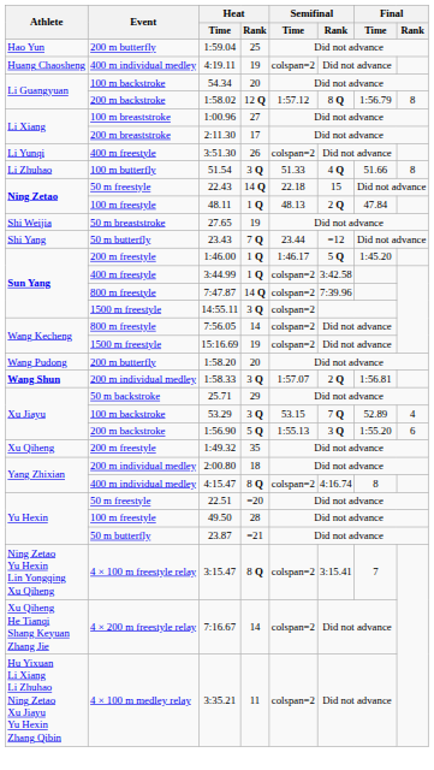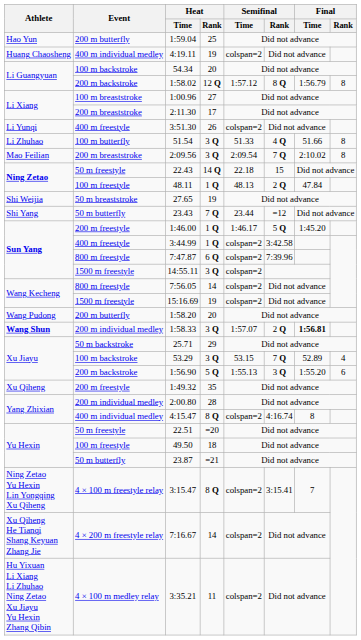 <table class=wikitable style="font-size:90%">
 <tr>
 <th rowspan="2">Athlete</th>
 <th rowspan="2">Event</th>
 <th colspan="2">Heat</th>
 <th colspan="2">Semifinal</th>
 <th colspan="2">Final</th>
 </tr>
 <tr style="font-size:95%">
 <th>Time</th>
 <th>Rank</th>
 <th>Time</th>
 <th>Rank</th>
 <th>Time</th>
 <th>Rank</th>
 </tr>
 <tr align=center>
 <td align=left><a href='#'>Hao Yun</a></td>
 <td align=left><a href='#'>200 m butterfly</a></td>
 <td>1:59.04</td>
 <td>25</td>
 <td colspan=4>Did not advance</td>
 </tr>
 <tr align=center>
 <td align=left><a href='#'>Huang Chaosheng</a></td>
 <td align=left><a href='#'>400 m individual medley</a></td>
 <td>4:19.11</td>
 <td>19</td>
 <td>colspan=2 </td>
 <td colspan=2>Did not advance</td>
 </tr>
 <tr align=center>
 <td align=left rowspan=2><a href='#'>Li Guangyuan</a></td>
 <td align=left><a href='#'>100 m backstroke</a></td>
 <td>54.34</td>
 <td>20</td>
 <td colspan=4>Did not advance</td>
 </tr>
 <tr align=center>
 <td align=left><a href='#'>200 m backstroke</a></td>
 <td>1:58.02</td>
 <td>12 <strong>Q</strong></td>
 <td>1:57.12</td>
 <td>8 <strong>Q</strong></td>
 <td>1:56.79</td>
 <td>8</td>
 </tr>
 <tr align=center>
 <td align=left rowspan=2><a href='#'>Li Xiang</a></td>
 <td align=left><a href='#'>100 m breaststroke</a></td>
 <td>1:00.96</td>
 <td>27</td>
 <td colspan=4>Did not advance</td>
 </tr>
 <tr align=center>
 <td align=left><a href='#'>200 m breaststroke</a></td>
 <td>2:11.30</td>
 <td>17</td>
 <td colspan=4>Did not advance</td>
 </tr>
 <tr align=center>
 <td align=left><a href='#'>Li Yunqi</a></td>
 <td align=left><a href='#'>400 m freestyle</a></td>
 <td>3:51.30</td>
 <td>26</td>
 <td>colspan=2 </td>
 <td colspan=2>Did not advance</td>
 </tr>
 <tr align=center>
 <td align=left><a href='#'>Li Zhuhao</a></td>
 <td align=left><a href='#'>100 m butterfly</a></td>
 <td>51.54</td>
 <td>3 <strong>Q</strong></td>
 <td>51.33</td>
 <td>4 <strong>Q</strong></td>
 <td>51.66</td>
 <td>8</td>
 </tr>
 <tr align=center>
+<td align=left><a href='#'>Mao Feilian</a></td>
+<td align=left><a href='#'>200 m breaststroke</a></td>
+<td>2:09.56</td>
+<td>3 <strong>Q</strong></td>
+<td>2:09.54</td>
+<td>7 <strong>Q</strong></td>
+<td>2:10.02</td>
+<td>8</td>
+</tr>
+<tr align=center>
 <td align=left rowspan=2><strong><a href='#'>Ning Zetao</a></strong></td>
 <td align=left><a href='#'>50 m freestyle</a></td>
 <td>22.43</td>
 <td>14 <strong>Q</strong></td>
 <td>22.18</td>
 <td>15</td>
 <td colspan=2>Did not advance</td>
 </tr>
 <tr align=center>
 <td align=left><a href='#'>100 m freestyle</a></td>
 <td>48.11</td>
 <td>1 <strong>Q</strong></td>
 <td>48.13</td>
 <td>2 <strong>Q</strong></td>
 <td>47.84</td>
 <td></td>
 </tr>
 <tr align=center>
 <td align=left><a href='#'>Shi Weijia</a></td>
 <td align=left><a href='#'>50 m breaststroke</a></td>
 <td>27.65</td>
 <td>19</td>
 <td colspan=4>Did not advance</td>
 </tr>
 <tr align=center>
 <td align=left><a href='#'>Shi Yang</a></td>
 <td align=left><a href='#'>50 m butterfly</a></td>
 <td>23.43</td>
 <td>7 <strong>Q</strong></td>
 <td>23.44</td>
 <td>=12</td>
 <td colspan=2>Did not advance</td>
 </tr>
 <tr align=center>
 <td align=left rowspan=4><strong><a href='#'>Sun Yang</a></strong></td>
 <td align=left><a href='#'>200 m freestyle</a></td>
 <td>1:46.00</td>
 <td>1 <strong>Q</strong></td>
 <td>1:46.17</td>
 <td>5 <strong>Q</strong></td>
 <td>1:45.20</td>
 <td></td>
 </tr>
 <tr align=center>
 <td align=left><a href='#'>400 m freestyle</a></td>
 <td>3:44.99</td>
 <td>1 <strong>Q</strong></td>
 <td>colspan=2 </td>
 <td>3:42.58</td>
 <td></td>
 </tr>
 <tr align=center>
 <td align=left><a href='#'>800 m freestyle</a></td>
 <td>7:47.87</td>
-<td>14 <strong>Q</strong></td>
+<td>6 <strong>Q</strong></td>
 <td>colspan=2 </td>
 <td>7:39.96</td>
 <td></td>
 </tr>
 <tr align=center>
 <td align=left><a href='#'>1500 m freestyle</a></td>
 <td>14:55.11</td>
 <td>3 <strong>Q</strong></td>
 <td>colspan=2 </td>
 <td colspan=2></td>
 </tr>
 <tr align=center>
 <td align=left rowspan=2><a href='#'>Wang Kecheng</a></td>
 <td align=left><a href='#'>800 m freestyle</a></td>
 <td>7:56.05</td>
 <td>14</td>
 <td>colspan=2 </td>
 <td colspan=2>Did not advance</td>
 </tr>
 <tr align=center>
 <td align=left><a href='#'>1500 m freestyle</a></td>
 <td>15:16.69</td>
 <td>19</td>
 <td>colspan=2 </td>
 <td colspan=2>Did not advance</td>
 </tr>
 <tr align=center>
 <td align=left><a href='#'>Wang Pudong</a></td>
 <td align=left><a href='#'>200 m butterfly</a></td>
 <td>1:58.20</td>
 <td>20</td>
 <td colspan=4>Did not advance</td>
 </tr>
 <tr align=center>
 <td align=left><strong><a href='#'>Wang Shun</a></strong></td>
 <td align=left><a href='#'>200 m individual medley</a></td>
 <td>1:58.33</td>
 <td>3 <strong>Q</strong></td>
 <td>1:57.07</td>
 <td>2 <strong>Q</strong></td>
-<td>1:56.81</td>
+<td><strong>1:56.81</strong></td>
 <td></td>
 </tr>
 <tr align=center>
 <td align=left rowspan=3><a href='#'>Xu Jiayu</a></td>
 <td align=left><a href='#'>50 m backstroke</a></td>
 <td>25.71</td>
 <td>29</td>
 <td colspan=4>Did not advance</td>
 </tr>
 <tr align=center>
 <td align=left><a href='#'>100 m backstroke</a></td>
 <td>53.29</td>
 <td>3 <strong>Q</strong></td>
 <td>53.15</td>
 <td>7 <strong>Q</strong></td>
 <td>52.89</td>
 <td>4</td>
 </tr>
 <tr align=center>
 <td align=left><a href='#'>200 m backstroke</a></td>
 <td>1:56.90</td>
 <td>5 <strong>Q</strong></td>
 <td>1:55.13</td>
 <td>3 <strong>Q</strong></td>
 <td>1:55.20</td>
 <td>6</td>
 </tr>
 <tr align=center>
 <td align=left><a href='#'>Xu Qiheng</a></td>
 <td align=left><a href='#'>200 m freestyle</a></td>
 <td>1:49.32</td>
 <td>35</td>
 <td colspan=4>Did not advance</td>
 </tr>
 <tr align=center>
 <td align=left rowspan=2><a href='#'>Yang Zhixian</a></td>
 <td align=left><a href='#'>200 m individual medley</a></td>
 <td>2:00.80</td>
-<td>18</td>
+<td>28</td>
 <td colspan=4>Did not advance</td>
 </tr>
 <tr align=center>
 <td align=left><a href='#'>400 m individual medley</a></td>
 <td>4:15.47</td>
 <td>8 <strong>Q</strong></td>
 <td>colspan=2 </td>
 <td>4:16.74</td>
 <td>8</td>
 </tr>
 <tr align=center>
 <td align=left rowspan=3><a href='#'>Yu Hexin</a></td>
 <td align=left><a href='#'>50 m freestyle</a></td>
 <td>22.51</td>
 <td>=20</td>
 <td colspan=4>Did not advance</td>
 </tr>
 <tr align=center>
 <td align=left><a href='#'>100 m freestyle</a></td>
 <td>49.50</td>
-<td>28</td>
+<td>18</td>
 <td colspan=4>Did not advance</td>
 </tr>
 <tr align=center>
 <td align=left><a href='#'>50 m butterfly</a></td>
 <td>23.87</td>
 <td>=21</td>
 <td colspan=4>Did not advance</td>
 </tr>
 <tr align=center>
 <td align=left><a href='#'>Ning Zetao</a><br><a href='#'>Yu Hexin</a><br><a href='#'>Lin Yongqing</a><br><a href='#'>Xu Qiheng</a></td>
 <td align=left><a href='#'>4 × 100 m freestyle relay</a></td>
 <td>3:15.47</td>
 <td>8 <strong>Q</strong></td>
 <td>colspan=2 </td>
 <td>3:15.41</td>
 <td>7</td>
 </tr>
 <tr align=center>
 <td align=left><a href='#'>Xu Qiheng</a><br><a href='#'>He Tianqi</a><br><a href='#'>Shang Keyuan</a><br><a href='#'>Zhang Jie</a></td>
 <td align=left><a href='#'>4 × 200 m freestyle relay</a></td>
 <td>7:16.67</td>
 <td>14</td>
 <td>colspan=2 </td>
 <td colspan=2>Did not advance</td>
 </tr>
 <tr align=center>
 <td align=left><a href='#'>Hu Yixuan</a><br><a href='#'>Li Xiang</a><br><a href='#'>Li Zhuhao</a><br><a href='#'>Ning Zetao</a><br><a href='#'>Xu Jiayu</a><br><a href='#'>Yu Hexin</a><br><a href='#'>Zhang Qibin</a></td>
 <td align=left><a href='#'>4 × 100 m medley relay</a></td>
 <td>3:35.21</td>
 <td>11</td>
 <td>colspan=2 </td>
 <td colspan=2>Did not advance</td>
 </tr>
 </table>
